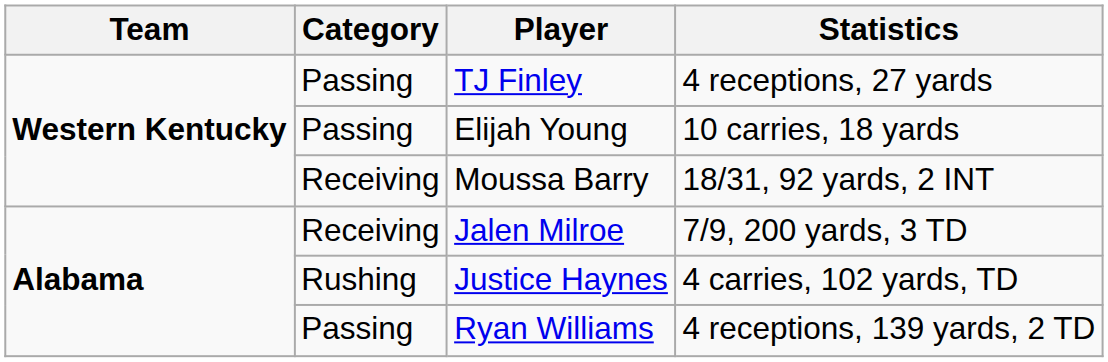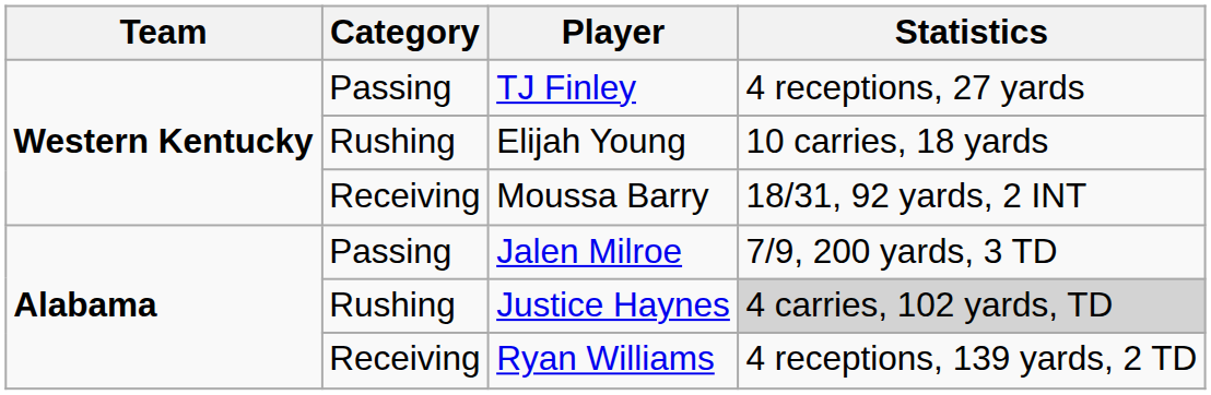 <table class="wikitable" style="float: right;">
 <tr>
 <th>Team</th>
 <th>Category</th>
 <th>Player</th>
 <th>Statistics</th>
 </tr>
 <tr>
 <td rowspan=3><strong>Western Kentucky</strong></td>
 <td>Passing</td>
 <td><a href='#'>TJ Finley</a></td>
 <td>4 receptions, 27 yards</td>
 </tr>
 <tr>
-<td>Passing</td>
+<td>Rushing</td>
 <td>Elijah Young</td>
 <td>10 carries, 18 yards</td>
 </tr>
 <tr>
 <td>Receiving</td>
 <td>Moussa Barry</td>
 <td>18/31, 92 yards, 2 INT</td>
 </tr>
 <tr>
 <td rowspan=3><strong>Alabama</strong></td>
-<td>Receiving</td>
+<td>Passing</td>
 <td><a href='#'>Jalen Milroe</a></td>
 <td>7/9, 200 yards, 3 TD</td>
 </tr>
 <tr>
 <td>Rushing</td>
 <td><a href='#'>Justice Haynes</a></td>
-<td>4 carries, 102 yards, TD</td>
+<td style="background: lightgrey;">4 carries, 102 yards, TD</td>
 </tr>
 <tr>
-<td>Passing</td>
+<td>Receiving</td>
 <td><a href='#'>Ryan Williams</a></td>
 <td>4 receptions, 139 yards, 2 TD</td>
 </tr>
 </table>
